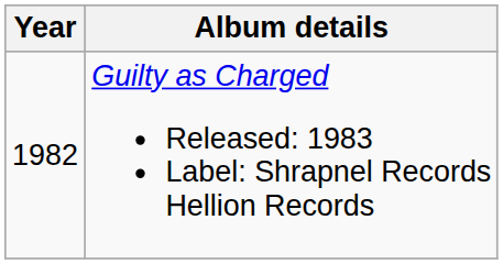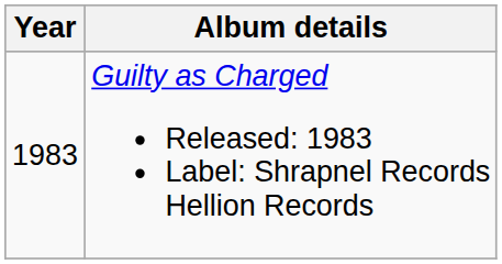 <table class="wikitable">
 <tr>
 <th>Year</th>
 <th>Album details</th>
 </tr>
 <tr>
-<td>1982</td>
+<td>1983</td>
 <td><em><a href='#'>Guilty as Charged</a></em><br><ul><li>Released: 1983</li><li>Label: Shrapnel Records<br>Hellion Records</li></ul></td>
 </tr>
 </table>
